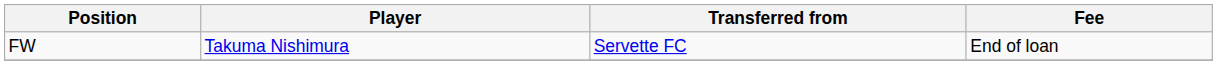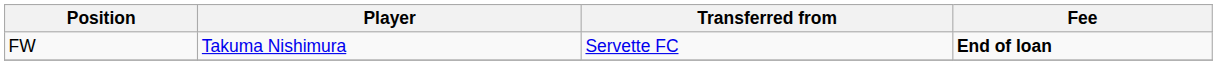 <table class="wikitable sortable" style="width:70%; text-align:center; font-size:100%; text-align:left;">
 <tr>
 <th>Position</th>
 <th>Player</th>
 <th>Transferred from</th>
 <th>Fee</th>
 </tr>
 <tr>
 <td>FW</td>
 <td> <a href='#'>Takuma Nishimura</a></td>
 <td> <a href='#'>Servette FC</a></td>
-<td>End of loan </td>
+<td><strong>End of loan </strong></td>
 </tr>
 <tr>
 </tr>
 </table>
